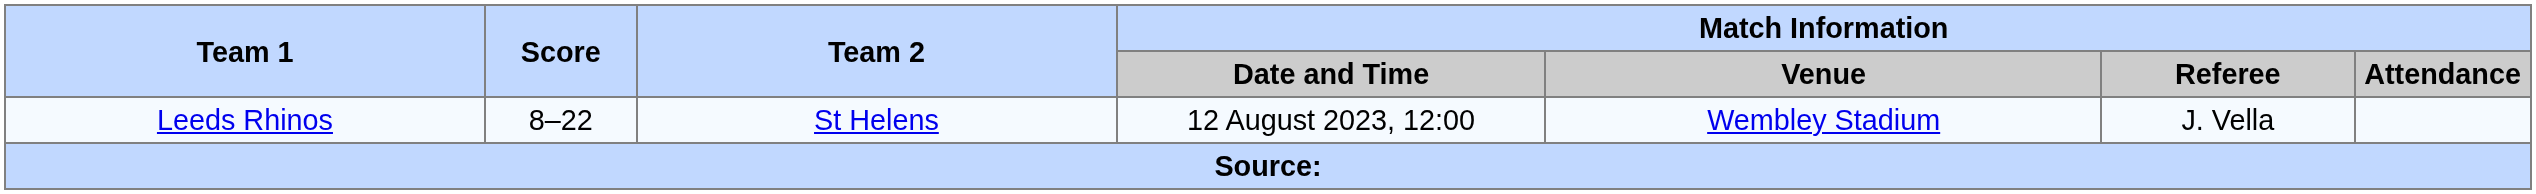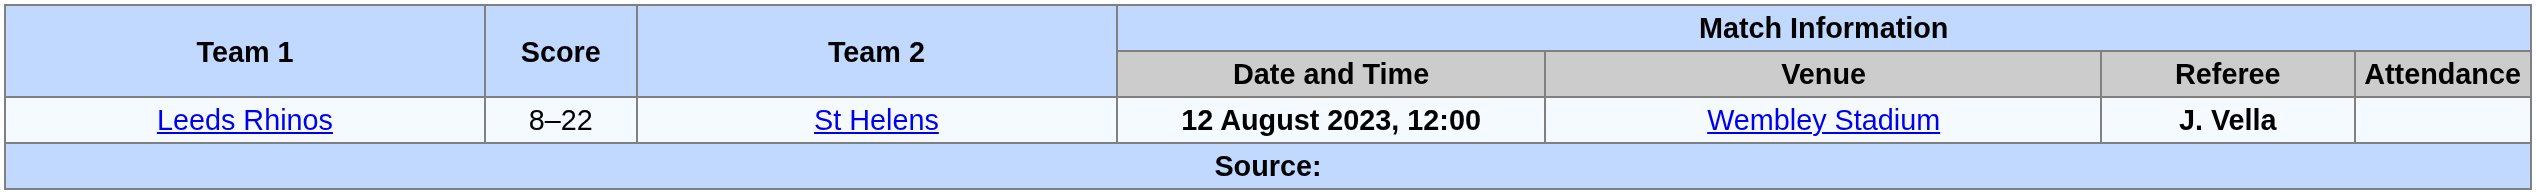 <table border=1 style="border-collapse:collapse; font-size:90%; text-align:center"; cellpadding=3 cellspacing=0 width=100%>
 <tr bgcolor="#c1d8ff">
 <th rowspan=2 width=19%>Team 1</th>
 <th rowspan=2 width=6%>Score</th>
 <th rowspan=2 width=19%>Team 2</th>
 <th colspan=4>Match Information</th>
 </tr>
 <tr bgcolor="#cccccc">
 <th width=17%>Date and Time</th>
 <th width=22%>Venue</th>
 <th width=10%>Referee</th>
 <th width=7%>Attendance</th>
 </tr>
 <tr bgcolor=#f5faff>
 <td> <a href='#'>Leeds Rhinos</a></td>
 <td>8–22</td>
 <td> <a href='#'>St Helens</a></td>
-<td>12 August 2023, 12:00</td>
+<td><strong>12 August 2023, 12:00</strong></td>
 <td><a href='#'>Wembley Stadium</a></td>
-<td>J. Vella</td>
+<td><strong>J. Vella</strong></td>
 <td></td>
 </tr>
 <tr bgcolor=#c1d8ff>
 <th colspan=7>Source:</th>
 </tr>
 </table>
